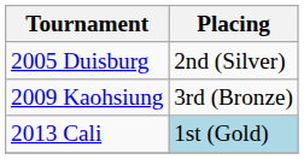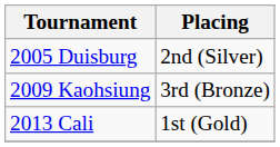 <table class="wikitable">
 <tr>
 <th>Tournament</th>
 <th>Placing</th>
 </tr>
 <tr>
 <td><a href='#'>2005 Duisburg</a></td>
 <td>2nd (Silver)</td>
 </tr>
 <tr>
 <td><a href='#'>2009 Kaohsiung</a></td>
 <td>3rd (Bronze)</td>
 </tr>
 <tr>
 <td><a href='#'>2013 Cali</a></td>
-<td style="background: lightblue;">1st (Gold)</td>
+<td>1st (Gold)</td>
 </tr>
 <tr>
 </tr>
 </table>
